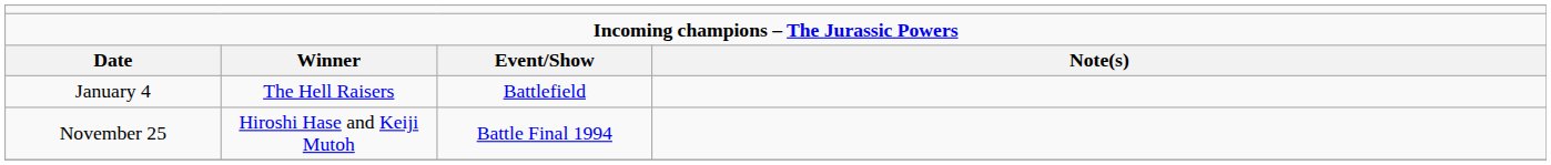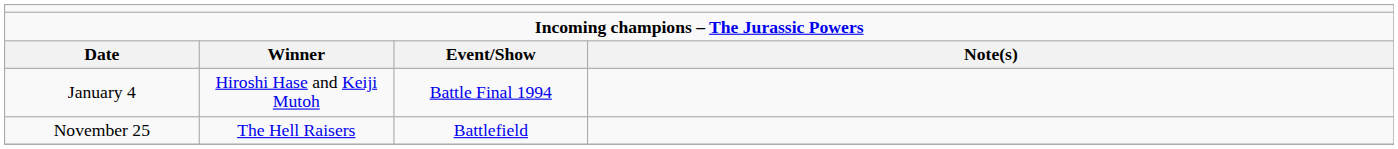 <table class="wikitable" style="text-align:center; width:100%;">
 <tr>
 <td colspan="5"></td>
 </tr>
 <tr>
 <td colspan="5"><strong>Incoming champions – <a href='#'>The Jurassic Powers</a> </strong></td>
 </tr>
 <tr>
 <th width=14%>Date</th>
 <th width=14%>Winner</th>
 <th width=14%>Event/Show</th>
 <th width=58%>Note(s)</th>
 </tr>
 <tr>
 <td>January 4</td>
+<td><a href='#'>Hiroshi Hase</a> and <a href='#'>Keiji Mutoh</a></td>
+<td><a href='#'>Battle Final 1994</a></td>
+<td align="left"></td>
+</tr>
+<tr>
+<td>November 25</td>
 <td><a href='#'>The Hell Raisers</a><br></td>
 <td><a href='#'>Battlefield</a></td>
 <td align="left"></td>
 </tr>
 <tr>
-<td>November 25</td>
-<td><a href='#'>Hiroshi Hase</a> and <a href='#'>Keiji Mutoh</a></td>
-<td><a href='#'>Battle Final 1994</a></td>
-<td align="left"></td>
-</tr>
-<tr>
 </tr>
 </table>
